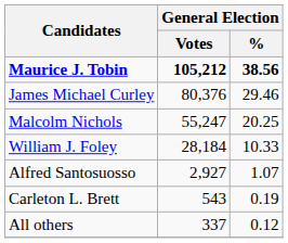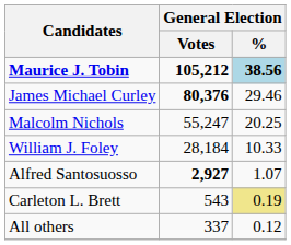 <table class=wikitable>
 <tr>
 <th colspan=1 rowspan=2><strong>Candidates</strong></th>
 <th colspan=2><strong>General Election</strong></th>
 </tr>
 <tr>
 <th>Votes</th>
 <th>%</th>
 </tr>
 <tr>
 <td><strong><a href='#'>Maurice J. Tobin</a></strong></td>
 <td align="right"><strong>105,212</strong></td>
-<td align="right"><strong>38.56</strong></td>
+<td align="right" style="background: lightblue;"><strong>38.56</strong></td>
 </tr>
 <tr>
 <td><a href='#'>James Michael Curley</a></td>
-<td align="right">80,376</td>
+<td align="right"><strong>80,376</strong></td>
 <td align="right">29.46</td>
 </tr>
 <tr>
 <td><a href='#'>Malcolm Nichols</a></td>
 <td align="right">55,247</td>
 <td align="right">20.25</td>
 </tr>
 <tr>
 <td><a href='#'>William J. Foley</a></td>
 <td align="right">28,184</td>
 <td align="right">10.33</td>
 </tr>
 <tr>
 <td>Alfred Santosuosso</td>
-<td align="right">2,927</td>
+<td align="right"><strong>2,927</strong></td>
 <td align="right">1.07</td>
 </tr>
 <tr>
 <td>Carleton L. Brett</td>
 <td align="right">543</td>
-<td align="right">0.19</td>
+<td align="right" style="background: khaki;">0.19</td>
 </tr>
 <tr>
 <td>All others</td>
 <td align="right">337</td>
 <td align="right">0.12</td>
 </tr>
 <tr>
 </tr>
 </table>
